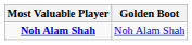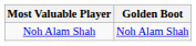 <table class="wikitable" style="text-align:center; margin:auto;">
 <tr>
 <th>Most Valuable Player</th>
 <th>Golden Boot</th>
 </tr>
 <tr>
-<td><strong> <a href='#'>Noh Alam Shah</a></strong></td>
+<td> <a href='#'>Noh Alam Shah</a></td>
 <td> <a href='#'>Noh Alam Shah</a></td>
 </tr>
 </table>
